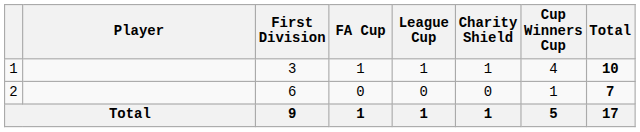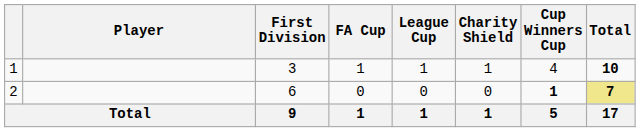 <table class="wikitable sortable" style="font-size: 95%; text-align: center">
 <tr>
 <th width=10></th>
 <th width=200>Player</th>
 <th width=50>First Division</th>
 <th width=50>FA Cup</th>
 <th width=50>League Cup</th>
 <th width=50>Charity Shield</th>
 <th width=50>Cup Winners Cup</th>
 <th>Total</th>
 </tr>
 <tr>
 <td>1</td>
 <td></td>
 <td>3</td>
 <td>1</td>
 <td>1</td>
 <td>1</td>
 <td>4</td>
 <td><strong>10</strong></td>
 </tr>
 <tr>
 <td>2</td>
 <td></td>
 <td>6</td>
 <td>0</td>
 <td>0</td>
 <td>0</td>
-<td>1</td>
-<td><strong>7</strong></td>
+<td><strong>1</strong></td>
+<td style="background: khaki;"><strong>7</strong></td>
 </tr>
 <tr>
 <th colspan="2">Total</th>
 <th>9</th>
 <th>1</th>
 <th>1</th>
 <th>1</th>
 <th>5</th>
 <th>17</th>
 </tr>
 </table>
